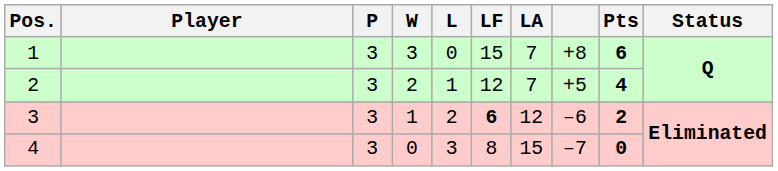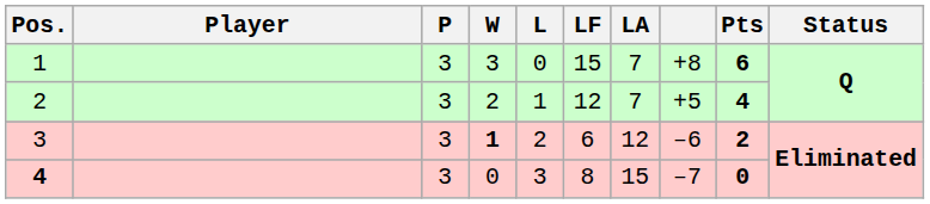 <table class="wikitable" style="text-align:center; margin: 1em auto 1em auto, align:left">
 <tr>
 <th width=20>Pos.</th>
 <th width=185>Player</th>
 <th width=20>P</th>
 <th width=20>W</th>
 <th width=20>L</th>
 <th width=20>LF</th>
 <th width=20>LA</th>
 <th width=25></th>
 <th width=20>Pts</th>
 <th width=70>Status</th>
 </tr>
 <tr style="background:#CCFFCC;">
 <td>1</td>
 <td style="text-align:left"></td>
 <td>3</td>
 <td>3</td>
 <td>0</td>
 <td>15</td>
 <td>7</td>
 <td>+8</td>
 <td><strong>6</strong></td>
 <td rowspan=2><strong>Q</strong></td>
 </tr>
 <tr style="background:#CCFFCC;">
 <td>2</td>
 <td style="text-align:left"></td>
 <td>3</td>
 <td>2</td>
 <td>1</td>
 <td>12</td>
 <td>7</td>
 <td>+5</td>
 <td><strong>4</strong></td>
 </tr>
 <tr style="background:#FFccCC;">
 <td>3</td>
 <td style="text-align:left"></td>
 <td>3</td>
-<td>1</td>
+<td><strong>1</strong></td>
 <td>2</td>
-<td><strong>6</strong></td>
+<td>6</td>
 <td>12</td>
 <td>–6</td>
 <td><strong>2</strong></td>
 <td rowspan=2><strong>Eliminated</strong></td>
 </tr>
 <tr style="background:#FFccCC;">
-<td>4</td>
+<td><strong>4</strong></td>
 <td style="text-align:left"></td>
 <td>3</td>
 <td>0</td>
 <td>3</td>
 <td>8</td>
 <td>15</td>
 <td>–7</td>
 <td><strong>0</strong></td>
 </tr>
 </table>
